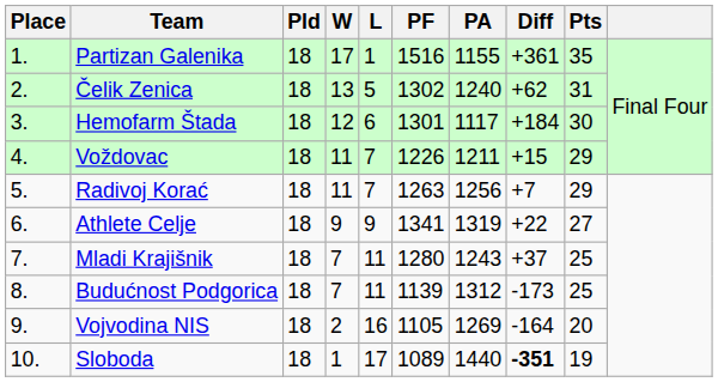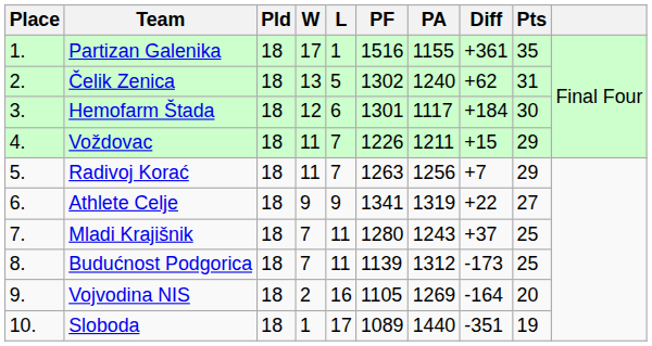 <table class="wikitable">
 <tr>
 <th>Place</th>
 <th>Team</th>
 <th>Pld</th>
 <th>W</th>
 <th>L</th>
 <th>PF</th>
 <th>PA</th>
 <th>Diff</th>
 <th>Pts</th>
 <th></th>
 </tr>
 <tr bgcolor=#ccffcc>
 <td>1.</td>
 <td> <a href='#'>Partizan Galenika</a></td>
 <td>18</td>
 <td>17</td>
 <td>1</td>
 <td>1516</td>
 <td>1155</td>
 <td>+361</td>
 <td>35</td>
 <td rowspan="4">Final Four</td>
 </tr>
 <tr bgcolor=#ccffcc>
 <td>2.</td>
 <td> <a href='#'>Čelik Zenica</a></td>
 <td>18</td>
 <td>13</td>
 <td>5</td>
 <td>1302</td>
 <td>1240</td>
 <td>+62</td>
 <td>31</td>
 </tr>
 <tr bgcolor=#ccffcc>
 <td>3.</td>
 <td> <a href='#'>Hemofarm Štada</a></td>
 <td>18</td>
 <td>12</td>
 <td>6</td>
 <td>1301</td>
 <td>1117</td>
 <td>+184</td>
 <td>30</td>
 </tr>
 <tr bgcolor=#ccffcc>
 <td>4.</td>
 <td> <a href='#'>Voždovac</a></td>
 <td>18</td>
 <td>11</td>
 <td>7</td>
 <td>1226</td>
 <td>1211</td>
 <td>+15</td>
 <td>29</td>
 </tr>
 <tr>
 <td>5.</td>
 <td> <a href='#'>Radivoj Korać</a></td>
 <td>18</td>
 <td>11</td>
 <td>7</td>
 <td>1263</td>
 <td>1256</td>
 <td>+7</td>
 <td>29</td>
 <td rowspan="6"></td>
 </tr>
 <tr>
 <td>6.</td>
 <td> <a href='#'>Athlete Celje</a></td>
 <td>18</td>
 <td>9</td>
 <td>9</td>
 <td>1341</td>
 <td>1319</td>
 <td>+22</td>
 <td>27</td>
 </tr>
 <tr>
 <td>7.</td>
 <td> <a href='#'>Mladi Krajišnik</a></td>
 <td>18</td>
 <td>7</td>
 <td>11</td>
 <td>1280</td>
 <td>1243</td>
 <td>+37</td>
 <td>25</td>
 </tr>
 <tr>
 <td>8.</td>
 <td> <a href='#'>Budućnost Podgorica</a></td>
 <td>18</td>
 <td>7</td>
 <td>11</td>
 <td>1139</td>
 <td>1312</td>
 <td>-173</td>
 <td>25</td>
 </tr>
 <tr>
 <td>9.</td>
 <td> <a href='#'>Vojvodina NIS</a></td>
 <td>18</td>
 <td>2</td>
 <td>16</td>
 <td>1105</td>
 <td>1269</td>
 <td>-164</td>
 <td>20</td>
 </tr>
 <tr>
 <td>10.</td>
 <td> <a href='#'>Sloboda</a></td>
 <td>18</td>
 <td>1</td>
 <td>17</td>
 <td>1089</td>
 <td>1440</td>
-<td><strong>-351</strong></td>
+<td>-351</td>
 <td>19</td>
 </tr>
 </table>
